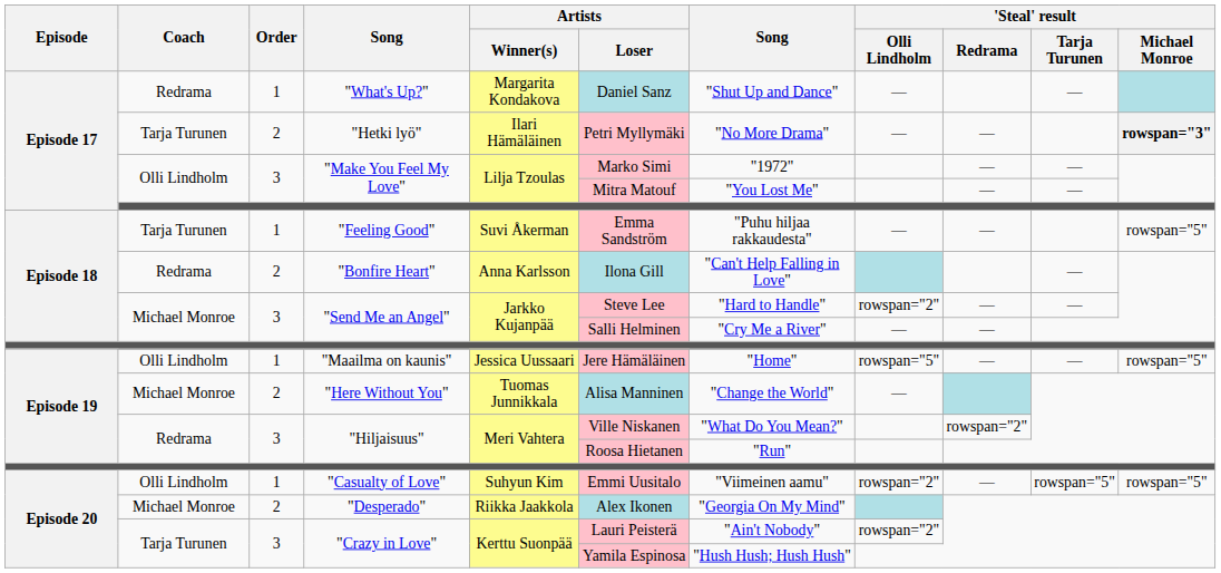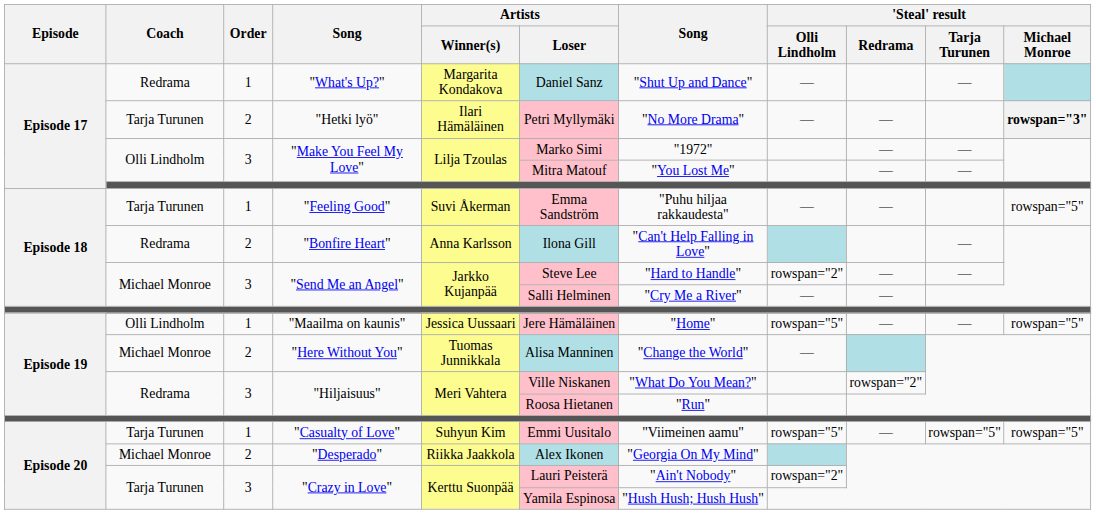 <table class="wikitable" style="text-align: center; width:100%;">
 <tr>
 <th rowspan="2" style="width:13%;">Episode</th>
 <th rowspan="2" style="width:15%;">Coach</th>
 <th rowspan="2" style="width:05%;">Order</th>
 <th rowspan="2" style="width:19%;">Song</th>
 <th colspan="2" style="width:22%;">Artists</th>
 <th rowspan="2" style="width:19%;">Song</th>
 <th colspan="4" style="width:20%;">'Steal' result</th>
 </tr>
 <tr>
 <th style="width:11%;">Winner(s)</th>
 <th style="width:11%;">Loser</th>
 <th style="width:05%;">Olli Lindholm</th>
 <th style="width:05%;">Redrama</th>
 <th style="width:05%;">Tarja Turunen</th>
 <th style="width:05%;">Michael Monroe</th>
 </tr>
 <tr>
 <th rowspan="5">Episode 17<br><small></small></th>
 <td>Redrama</td>
 <td>1</td>
 <td>"<a href='#'>What's Up?</a>"</td>
 <td style="background:#fdfc8f;">Margarita Kondakova</td>
 <td style="background:#b0e0e6;">Daniel Sanz</td>
 <td>"<a href='#'>Shut Up and Dance</a>"</td>
 <td>—</td>
 <td></td>
 <td>—</td>
 <td style="background:#b0e0e6"><strong></strong></td>
 </tr>
 <tr>
 <td>Tarja Turunen</td>
 <td>2</td>
 <td>"Hetki lyö"</td>
 <td style="background:#fdfc8f">Ilari Hämäläinen</td>
 <td style="background:pink;">Petri Myllymäki</td>
 <td>"<a href='#'>No More Drama</a>"</td>
 <td>—</td>
 <td>—</td>
 <td></td>
 <th>rowspan="3" </th>
 </tr>
 <tr>
 <td rowspan="2">Olli Lindholm</td>
 <td rowspan="2">3</td>
 <td rowspan="2">"<a href='#'>Make You Feel My Love</a>"</td>
 <td rowspan="2" bgcolor="#fdfc8f">Lilja Tzoulas</td>
 <td style="background:pink;">Marko Simi</td>
 <td>"1972"</td>
 <td></td>
 <td>—</td>
 <td>—</td>
 </tr>
 <tr>
 <td style="background:pink;">Mitra Matouf</td>
 <td>"<a href='#'>You Lost Me</a>"</td>
 <td></td>
 <td>—</td>
 <td>—</td>
 </tr>
 <tr>
 <td colspan="11" style="background:#555;"></td>
 </tr>
 <tr>
 <th rowspan="5">Episode 18<br><small></small></th>
 </tr>
 <tr>
 <td>Tarja Turunen</td>
 <td>1</td>
 <td>"<a href='#'>Feeling Good</a>"</td>
 <td style="background:#fdfc8f">Suvi Åkerman</td>
 <td style="background:pink;">Emma Sandström</td>
 <td>"Puhu hiljaa rakkaudesta"</td>
 <td>—</td>
 <td>—</td>
 <td></td>
 <td>rowspan="5" </td>
 </tr>
 <tr>
 <td>Redrama</td>
 <td>2</td>
 <td>"<a href='#'>Bonfire Heart</a>"</td>
 <td style="background:#fdfc8f;">Anna Karlsson</td>
 <td style="background:#b0e0e6;">Ilona Gill</td>
 <td>"<a href='#'>Can't Help Falling in Love</a>"</td>
 <td style="background:#b0e0e6"><strong></strong></td>
 <td></td>
 <td>—</td>
 </tr>
 <tr>
 <td rowspan="2">Michael Monroe</td>
 <td rowspan="2">3</td>
 <td rowspan="2">"<a href='#'>Send Me an Angel</a>"</td>
 <td rowspan="2" bgcolor="#fdfc8f">Jarkko Kujanpää</td>
 <td style="background:pink;">Steve Lee</td>
 <td>"<a href='#'>Hard to Handle</a>"</td>
 <td>rowspan="2" </td>
 <td>—</td>
 <td>—</td>
 </tr>
 <tr>
 <td style="background:pink;">Salli Helminen</td>
 <td>"<a href='#'>Cry Me a River</a>"</td>
 <td>—</td>
 <td>—</td>
 </tr>
 <tr>
 <td colspan="11" style="background:#555;"></td>
 </tr>
 <tr>
 <th rowspan="5">Episode 19<br><small></small></th>
 </tr>
 <tr>
 <td>Olli Lindholm</td>
 <td>1</td>
 <td>"Maailma on kaunis"</td>
 <td style="background:#fdfc8f">Jessica Uussaari</td>
 <td style="background:pink;">Jere Hämäläinen</td>
 <td>"<a href='#'>Home</a>"</td>
 <td>rowspan="5" </td>
 <td>—</td>
 <td>—</td>
 <td>rowspan="5" </td>
 </tr>
 <tr>
 <td>Michael Monroe</td>
 <td>2</td>
 <td>"<a href='#'>Here Without You</a>"</td>
 <td style="background:#fdfc8f;">Tuomas Junnikkala</td>
 <td style="background:#b0e0e6;">Alisa Manninen</td>
 <td>"<a href='#'>Change the World</a>"</td>
 <td>—</td>
 <td style="background:#b0e0e6"><strong></strong></td>
 </tr>
 <tr>
 <td rowspan="2">Redrama</td>
 <td rowspan="2">3</td>
 <td rowspan="2">"Hiljaisuus"</td>
 <td rowspan="2" bgcolor="#fdfc8f">Meri Vahtera</td>
 <td style="background:pink;">Ville Niskanen</td>
 <td>"<a href='#'>What Do You Mean?</a>"</td>
 <td></td>
 <td>rowspan="2" </td>
 </tr>
 <tr>
 <td style="background:pink;">Roosa Hietanen</td>
 <td>"<a href='#'>Run</a>"</td>
 <td></td>
 </tr>
 <tr>
 <td colspan="11" style="background:#555;"></td>
 </tr>
 <tr>
 <th rowspan="5">Episode 20<br><small></small></th>
 </tr>
 <tr>
-<td>Olli Lindholm</td>
+<td>Tarja Turunen</td>
 <td>1</td>
 <td>"<a href='#'>Casualty of Love</a>"</td>
 <td style="background:#fdfc8f">Suhyun Kim</td>
 <td style="background:pink;">Emmi Uusitalo</td>
 <td>"Viimeinen aamu"</td>
-<td>rowspan="2" </td>
+<td>rowspan="5" </td>
 <td>—</td>
 <td>rowspan="5" </td>
 <td>rowspan="5" </td>
 </tr>
 <tr>
 <td>Michael Monroe</td>
 <td>2</td>
 <td>"<a href='#'>Desperado</a>"</td>
 <td style="background:#fdfc8f;">Riikka Jaakkola</td>
 <td style="background:#b0e0e6;">Alex Ikonen</td>
 <td>"<a href='#'>Georgia On My Mind</a>"</td>
 <td style="background:#b0e0e6"><strong></strong></td>
 </tr>
 <tr>
 <td rowspan="2">Tarja Turunen</td>
 <td rowspan="2">3</td>
 <td rowspan="2">"<a href='#'>Crazy in Love</a>"</td>
 <td rowspan="2" bgcolor="#fdfc8f">Kerttu Suonpää</td>
 <td style="background:pink;">Lauri Peisterä</td>
 <td>"<a href='#'>Ain't Nobody</a>"</td>
 <td>rowspan="2" </td>
 </tr>
 <tr>
 <td style="background:pink;">Yamila Espinosa</td>
 <td>"<a href='#'>Hush Hush; Hush Hush</a>"</td>
 </tr>
 </table>
